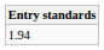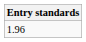 <table class="wikitable" border="1" align="upright">
 <tr>
 <th>Entry standards</th>
 </tr>
 <tr>
-<td>1.94</td>
+<td>1.96</td>
 </tr>
 </table>
